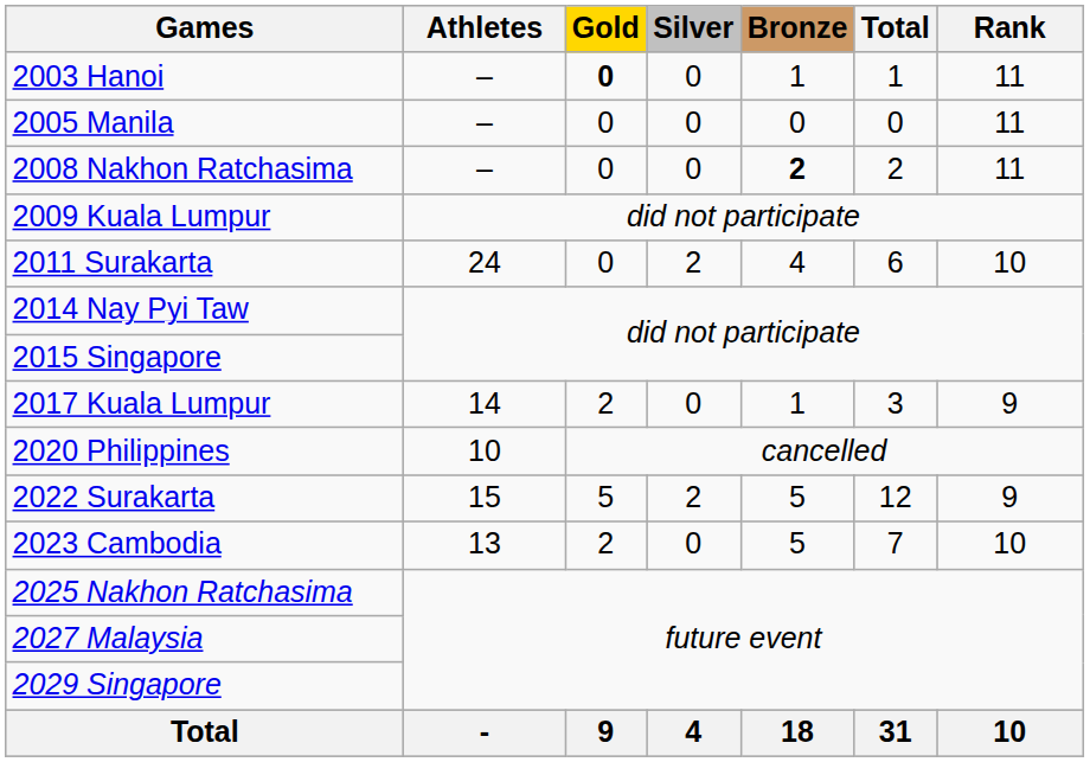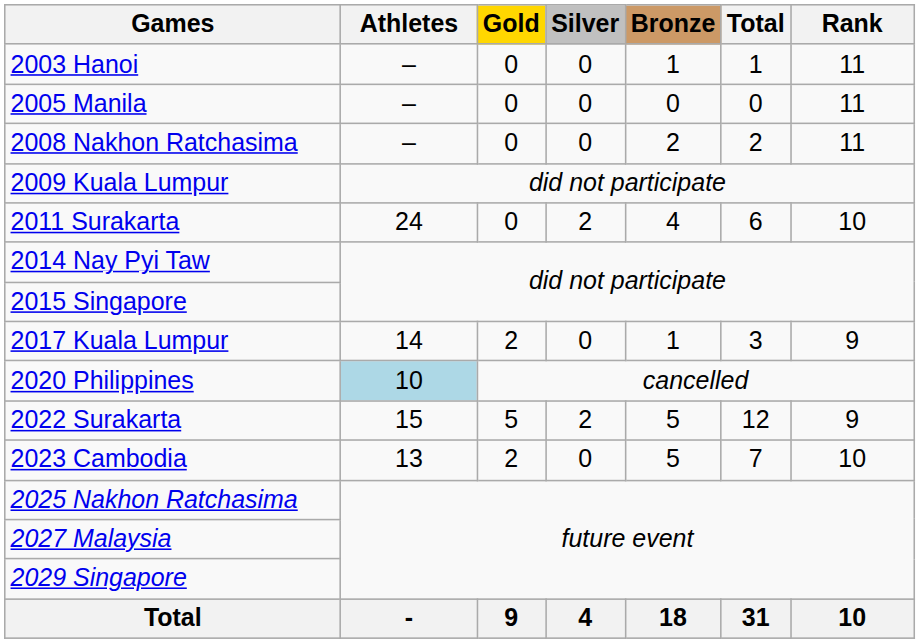 <table class="wikitable sortable plainrowheaders" border="1" style="text-align:center;">
 <tr>
 <th scope="col" style="width:13em;">Games</th>
 <th scope="col" style="width:5em;">Athletes</th>
 <th scope="col" style="background-color:gold; font-weight:bold;">Gold</th>
 <th scope="col" style="background-color:silver; font-weight:bold;">Silver</th>
 <th scope="col" style="background-color:#cc9966; font-weight:bold;">Bronze</th>
 <th scope="col">Total</th>
 <th style="width:4.5em; font-weight:bold;">Rank</th>
 </tr>
 <tr>
 <td align=left> <a href='#'>2003 Hanoi</a></td>
 <td>–</td>
-<td><strong>0</strong></td>
+<td>0</td>
 <td>0</td>
 <td>1</td>
 <td>1</td>
 <td>11</td>
 </tr>
 <tr>
 <td align=left> <a href='#'>2005 Manila</a></td>
 <td>–</td>
 <td>0</td>
 <td>0</td>
 <td>0</td>
 <td>0</td>
 <td>11</td>
 </tr>
 <tr>
 <td align=left> <a href='#'>2008 Nakhon Ratchasima</a></td>
 <td>–</td>
 <td>0</td>
 <td>0</td>
-<td><strong>2</strong></td>
+<td>2</td>
 <td>2</td>
 <td>11</td>
 </tr>
 <tr>
 <td align=left> <a href='#'>2009 Kuala Lumpur</a></td>
 <td colspan=6><em>did not participate</em></td>
 </tr>
 <tr>
 <td align=left> <a href='#'>2011 Surakarta</a></td>
 <td>24</td>
 <td>0</td>
 <td>2</td>
 <td>4</td>
 <td>6</td>
 <td>10</td>
 </tr>
 <tr>
 <td align=left> <a href='#'>2014 Nay Pyi Taw</a></td>
 <td colspan=6 rowspan=2><em>did not participate</em></td>
 </tr>
 <tr>
 <td align=left> <a href='#'>2015 Singapore</a></td>
 </tr>
 <tr>
 <td align=left> <a href='#'>2017 Kuala Lumpur</a></td>
 <td>14</td>
 <td>2</td>
 <td>0</td>
 <td>1</td>
 <td>3</td>
 <td>9</td>
 </tr>
 <tr>
 <td align=left> <a href='#'>2020 Philippines</a></td>
-<td>10</td>
+<td style="background: lightblue;">10</td>
 <td colspan=5><em>cancelled</em></td>
 </tr>
 <tr>
 <td align=left> <a href='#'>2022 Surakarta</a></td>
 <td>15</td>
 <td>5</td>
 <td>2</td>
 <td>5</td>
 <td>12</td>
 <td>9</td>
 </tr>
 <tr>
 <td align=left> <a href='#'>2023 Cambodia</a></td>
 <td>13</td>
 <td>2</td>
 <td>0</td>
 <td>5</td>
 <td>7</td>
 <td>10</td>
 </tr>
 <tr>
 <td align=left> <em><a href='#'>2025 Nakhon Ratchasima</a></em></td>
 <td colspan=6 rowspan=3><em>future event</em></td>
 </tr>
 <tr>
 <td align=left> <em><a href='#'>2027 Malaysia</a></em></td>
 </tr>
 <tr>
 <td align=left> <em><a href='#'>2029 Singapore</a></em></td>
 </tr>
 <tr>
 <th>Total</th>
 <th>-</th>
 <th>9</th>
 <th>4</th>
 <th>18</th>
 <th>31</th>
 <th>10</th>
 </tr>
 </table>
